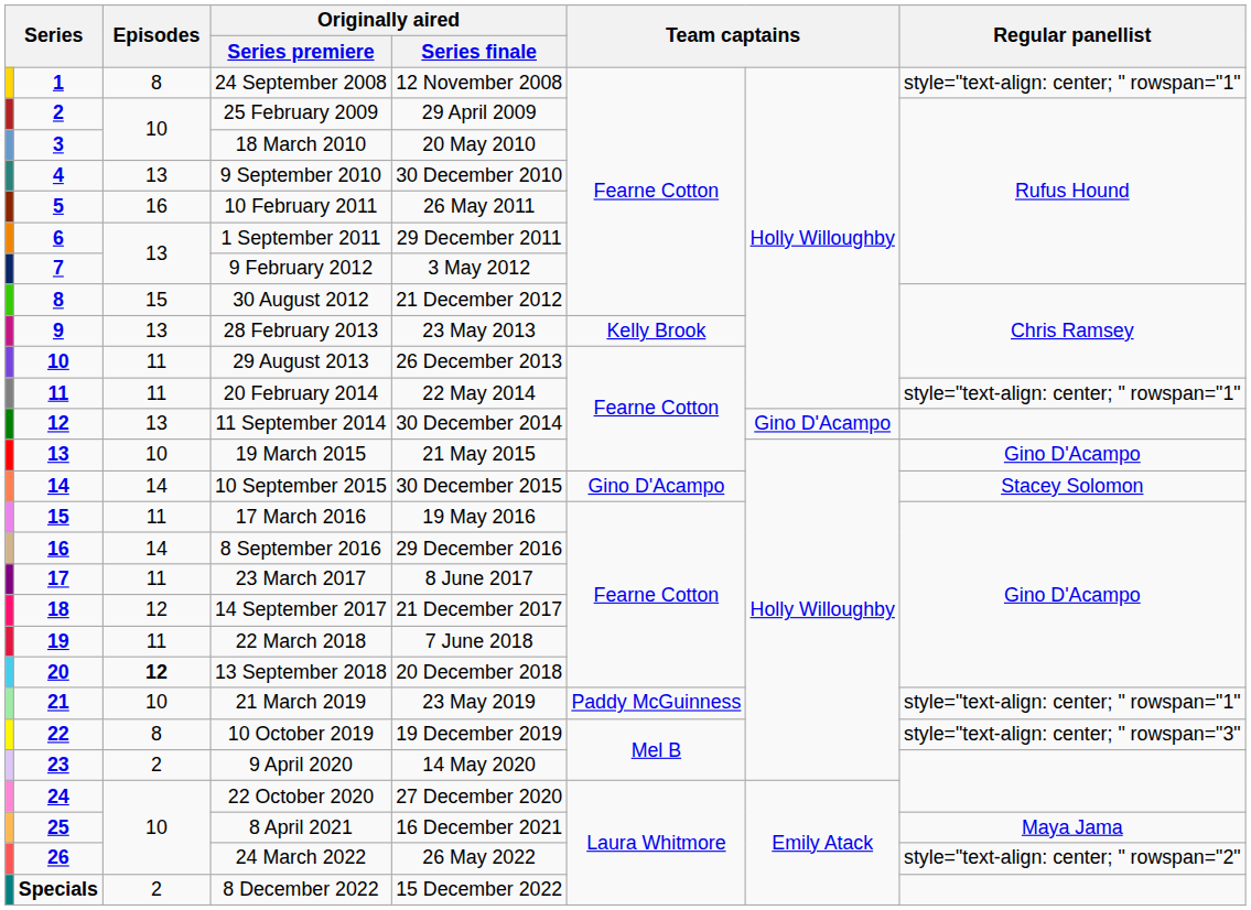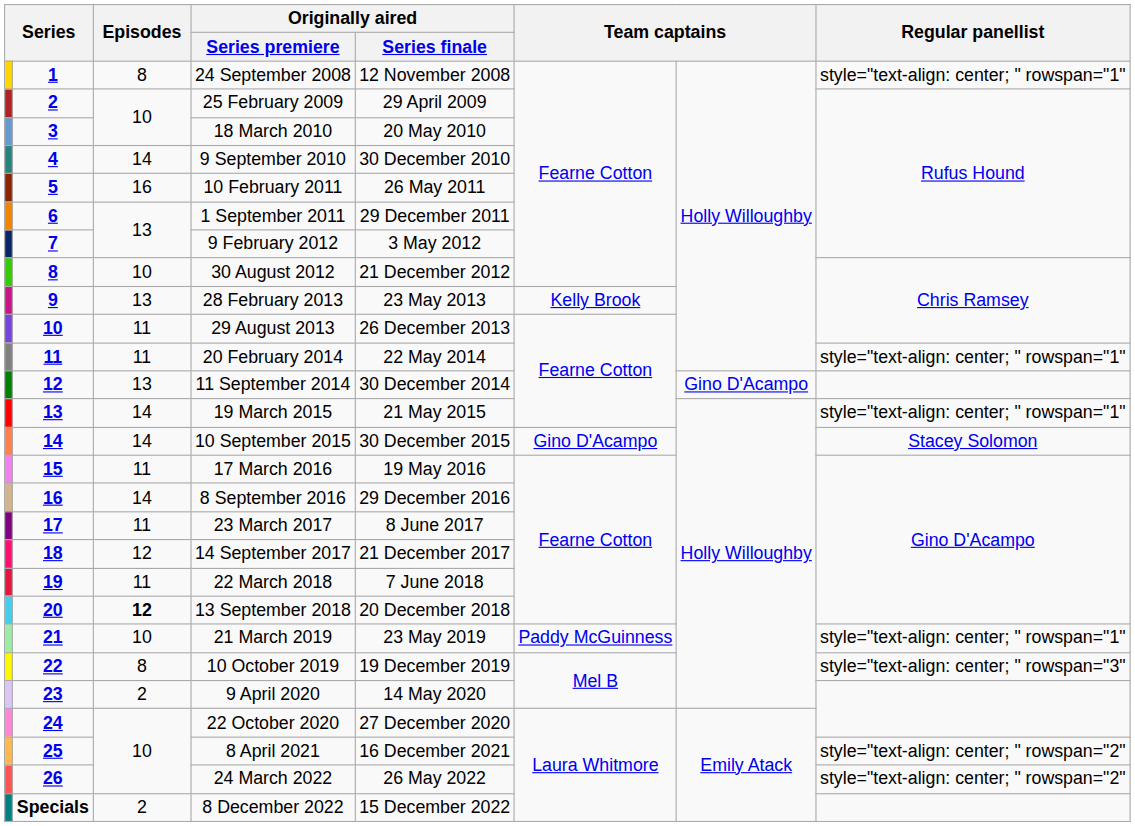 <table class="wikitable sortable sticky-header-multi" style="text-align: center; ">
 <tr>
 <th class=unsortable style="padding: 0 8px; " colspan="2" rowspan="2">Series</th>
 <th class=unsortable style="padding: 0 8px; " rowspan="2">Episodes</th>
 <th class=unsortable colspan="2">Originally aired</th>
 <th class=unsortable style="padding: 0 8px; " rowspan="2" colspan="2">Team captains</th>
 <th class=unsortable style="padding: 0 8px; " rowspan="2" colspan="1">Regular panellist</th>
 </tr>
 <tr>
 <th class=unsortable><a href='#'>Series premiere</a></th>
 <th class=unsortable><a href='#'>Series finale</a></th>
 </tr>
 <tr>
 <td style="background:gold; "></td>
 <td style="text-align: center; "><strong><a href='#'>1</a></strong></td>
 <td style="text-align: center; ">8</td>
 <td style="text-align: center; ">24 September 2008</td>
 <td style="text-align: center; ">12 November 2008</td>
 <td style="text-align: center; " rowspan="8"><a href='#'>Fearne Cotton</a></td>
 <td style="text-align: center; " rowspan="11"><a href='#'>Holly Willoughby</a></td>
 <td>style="text-align: center; " rowspan="1" </td>
 </tr>
 <tr>
 <td style="background:#b22222;"></td>
 <td style="text-align: center; "><strong><a href='#'>2</a></strong></td>
 <td rowspan="2" style="text-align: center; ">10</td>
 <td style="text-align: center; ">25 February 2009</td>
 <td style="text-align: center; ">29 April 2009</td>
 <td style="text-align: center; " rowspan="6"><a href='#'>Rufus Hound</a></td>
 </tr>
 <tr>
 <td style="background:#69c; "></td>
 <td style="text-align: center; "><strong><a href='#'>3</a></strong></td>
 <td style="text-align: center; ">18 March 2010</td>
 <td style="text-align: center; ">20 May 2010</td>
 </tr>
 <tr>
 <td style="background:#28837c; "></td>
 <td style="text-align: center; "><strong><a href='#'>4</a></strong></td>
-<td style="text-align: center; ">13</td>
+<td style="text-align: center; ">14</td>
 <td style="text-align: center; ">9 September 2010</td>
 <td style="text-align: center; ">30 December 2010</td>
 </tr>
 <tr>
 <td style="background:#8b2500;"></td>
 <td style="text-align: center; "><strong><a href='#'>5</a></strong></td>
 <td style="text-align: center; ">16</td>
 <td style="text-align: center; ">10 February 2011</td>
 <td style="text-align: center; ">26 May 2011</td>
 </tr>
 <tr>
 <td style="background:#f28500;"></td>
 <td style="text-align: center; "><strong><a href='#'>6</a></strong></td>
 <td rowspan="2" style="text-align: center; ">13</td>
 <td style="text-align: center; ">1 September 2011</td>
 <td style="text-align: center; ">29 December 2011</td>
 </tr>
 <tr>
 <td style="background:#082567;"></td>
 <td style="text-align: center; "><strong><a href='#'>7</a></strong></td>
 <td style="text-align: center; ">9 February 2012</td>
 <td style="text-align: center; ">3 May 2012</td>
 </tr>
 <tr>
 <td style="background:#3c0;"></td>
 <td style="text-align: center; "><strong><a href='#'>8</a></strong></td>
-<td style="text-align: center; ">15</td>
+<td style="text-align: center; ">10</td>
 <td style="text-align: center; ">30 August 2012</td>
 <td style="text-align: center; ">21 December 2012</td>
 <td style="text-align: center; " rowspan="3"><a href='#'>Chris Ramsey</a></td>
 </tr>
 <tr>
 <td style="background:#C71585;"></td>
 <td style="text-align: center; "><strong><a href='#'>9</a></strong></td>
 <td style="text-align: center; ">13</td>
 <td style="text-align: center; ">28 February 2013</td>
 <td style="text-align: center; ">23 May 2013</td>
 <td style="text-align: center; " rowspan="1"><a href='#'>Kelly Brook</a></td>
 </tr>
 <tr>
 <td style="background:#74D;"></td>
 <td style="text-align: center; "><strong><a href='#'>10</a></strong></td>
 <td style="text-align: center; ">11</td>
 <td style="text-align: center; ">29 August 2013</td>
 <td style="text-align: center; ">26 December 2013</td>
 <td style="text-align: center; " rowspan="4"><a href='#'>Fearne Cotton</a></td>
 </tr>
 <tr>
 <td style="background:grey;"></td>
 <td style="text-align: center; "><strong><a href='#'>11</a></strong></td>
 <td style="text-align: center; ">11</td>
 <td style="text-align: center; ">20 February 2014</td>
 <td style="text-align: center; ">22 May 2014</td>
 <td>style="text-align: center; " rowspan="1" </td>
 </tr>
 <tr>
 <td style="background:#008000;"></td>
 <td style="text-align: center; "><strong><a href='#'>12</a></strong></td>
 <td style="text-align: center; ">13</td>
 <td style="text-align: center; ">11 September 2014</td>
 <td style="text-align: center; ">30 December 2014</td>
 <td style="text-align: center; "><a href='#'>Gino D'Acampo</a></td>
 </tr>
 <tr>
 <td style="background:#FF0000;"></td>
 <td style="text-align: center; "><strong><a href='#'>13</a></strong></td>
-<td style="text-align: center; ">10</td>
+<td style="text-align: center; ">14</td>
 <td style="text-align: center; ">19 March 2015</td>
 <td style="text-align: center; ">21 May 2015</td>
 <td style="text-align: center; " rowspan="11"><a href='#'>Holly Willoughby</a></td>
-<td style="text-align: center; " rowspan="1"><a href='#'>Gino D'Acampo</a></td>
+<td>style="text-align: center; " rowspan="1" </td>
 </tr>
 <tr>
 <td style="background:coral;"></td>
 <td style="text-align: center; "><strong><a href='#'>14</a></strong></td>
 <td style="text-align: center; ">14</td>
 <td style="text-align: center; ">10 September 2015</td>
 <td style="text-align: center; ">30 December 2015</td>
 <td style="text-align: center; "><a href='#'>Gino D'Acampo</a></td>
 <td style="text-align: center; "><a href='#'>Stacey Solomon</a></td>
 </tr>
 <tr>
 <td style="background:violet;"></td>
 <td style="text-align: center; "><strong><a href='#'>15</a></strong></td>
 <td style="text-align: center; ">11</td>
 <td style="text-align: center; ">17 March 2016</td>
 <td style="text-align: center; ">19 May 2016</td>
 <td style="text-align: center; " rowspan="6"><a href='#'>Fearne Cotton</a></td>
 <td style="text-align: center; " rowspan="6"><a href='#'>Gino D'Acampo</a></td>
 </tr>
 <tr>
 <td style="background:tan;"></td>
 <td style="text-align: center; "><strong><a href='#'>16</a></strong></td>
 <td style="text-align: center; ">14</td>
 <td style="text-align: center; ">8 September 2016</td>
 <td style="text-align: center; ">29 December 2016</td>
 </tr>
 <tr>
 <td style="background:purple;"></td>
 <td style="text-align: center; "><strong><a href='#'>17</a></strong></td>
 <td style="text-align: center; ">11</td>
 <td style="text-align: center; ">23 March 2017</td>
 <td style="text-align: center; ">8 June 2017</td>
 </tr>
 <tr>
 <td style="background:#ff0f6f;"></td>
 <td style="text-align: center; "><strong><a href='#'>18</a></strong></td>
 <td style="text-align: center; ">12</td>
 <td style="text-align: center; ">14 September 2017</td>
 <td style="text-align: center; ">21 December 2017</td>
 </tr>
 <tr>
 <td style="background:#e2163f;"></td>
 <td style="text-align: center; "><strong><a href='#'>19</a></strong></td>
 <td style="text-align: center; ">11</td>
 <td style="text-align: center; ">22 March 2018</td>
 <td style="text-align: center; ">7 June 2018</td>
 </tr>
 <tr>
 <td style="background:#44ceed;"></td>
 <td style="text-align: center; "><strong><a href='#'>20</a></strong></td>
 <td style="text-align: center; "><strong>12</strong></td>
 <td style="text-align: center; ">13 September 2018</td>
 <td style="text-align: center; ">20 December 2018</td>
 </tr>
 <tr>
 <td style="background:#9ceda3;"></td>
 <td style="text-align: center; "><strong><a href='#'>21</a></strong></td>
 <td style="text-align: center; ">10</td>
 <td style="text-align: center; ">21 March 2019</td>
 <td style="text-align: center; ">23 May 2019</td>
 <td style="text-align: center; "><a href='#'>Paddy McGuinness</a></td>
 <td>style="text-align: center; " rowspan="1" </td>
 </tr>
 <tr>
 <td style="background:#fff700;"></td>
 <td style="text-align: center; "><strong><a href='#'>22</a></strong></td>
 <td style="text-align: center; ">8</td>
 <td style="text-align: center; ">10 October 2019</td>
 <td style="text-align: center; ">19 December 2019</td>
 <td style="text-align: center; " rowspan="2"><a href='#'>Mel B</a></td>
 <td>style="text-align: center; " rowspan="3" </td>
 </tr>
 <tr>
 <td style="background:#ddc6f7;"></td>
 <td style="text-align: center; "><strong><a href='#'>23</a></strong></td>
 <td style="text-align: center; ">2</td>
 <td style="text-align: center; ">9 April 2020</td>
 <td style="text-align: center; ">14 May 2020</td>
 </tr>
 <tr>
 <td style="background:#ff85d6;"></td>
 <td style="text-align: center; "><strong><a href='#'>24</a></strong></td>
 <td rowspan="3" style="text-align: center; ">10</td>
 <td style="text-align: center; ">22 October 2020</td>
 <td style="text-align: center; ">27 December 2020</td>
 <td style="text-align: center; " rowspan="4"><a href='#'>Laura Whitmore</a></td>
 <td style="text-align: center; " rowspan="4"><a href='#'>Emily Atack</a></td>
 </tr>
 <tr>
 <td style="background:#ffb94f;"></td>
 <td style="text-align: center; "><strong><a href='#'>25</a></strong></td>
 <td style="text-align: center; ">8 April 2021</td>
 <td style="text-align: center; ">16 December 2021</td>
-<td style="text-align: center; " rowspan="1"><a href='#'>Maya Jama</a></td>
+<td>style="text-align: center; " rowspan="2" </td>
 </tr>
 <tr>
 <td style="background:#ff5454;"></td>
 <td style="text-align: center; "><strong><a href='#'>26</a></strong></td>
 <td style="text-align: center; ">24 March 2022</td>
 <td style="text-align: center; ">26 May 2022</td>
 <td>style="text-align: center; " rowspan="2" </td>
 </tr>
 <tr>
 <td style="background:#008080;"></td>
 <td style="text-align: center; "><strong>Specials</strong></td>
 <td style="text-align: center; ">2</td>
 <td style="text-align: center; ">8 December 2022</td>
 <td style="text-align: center; ">15 December 2022</td>
 </tr>
 <tr>
 </tr>
 </table>
